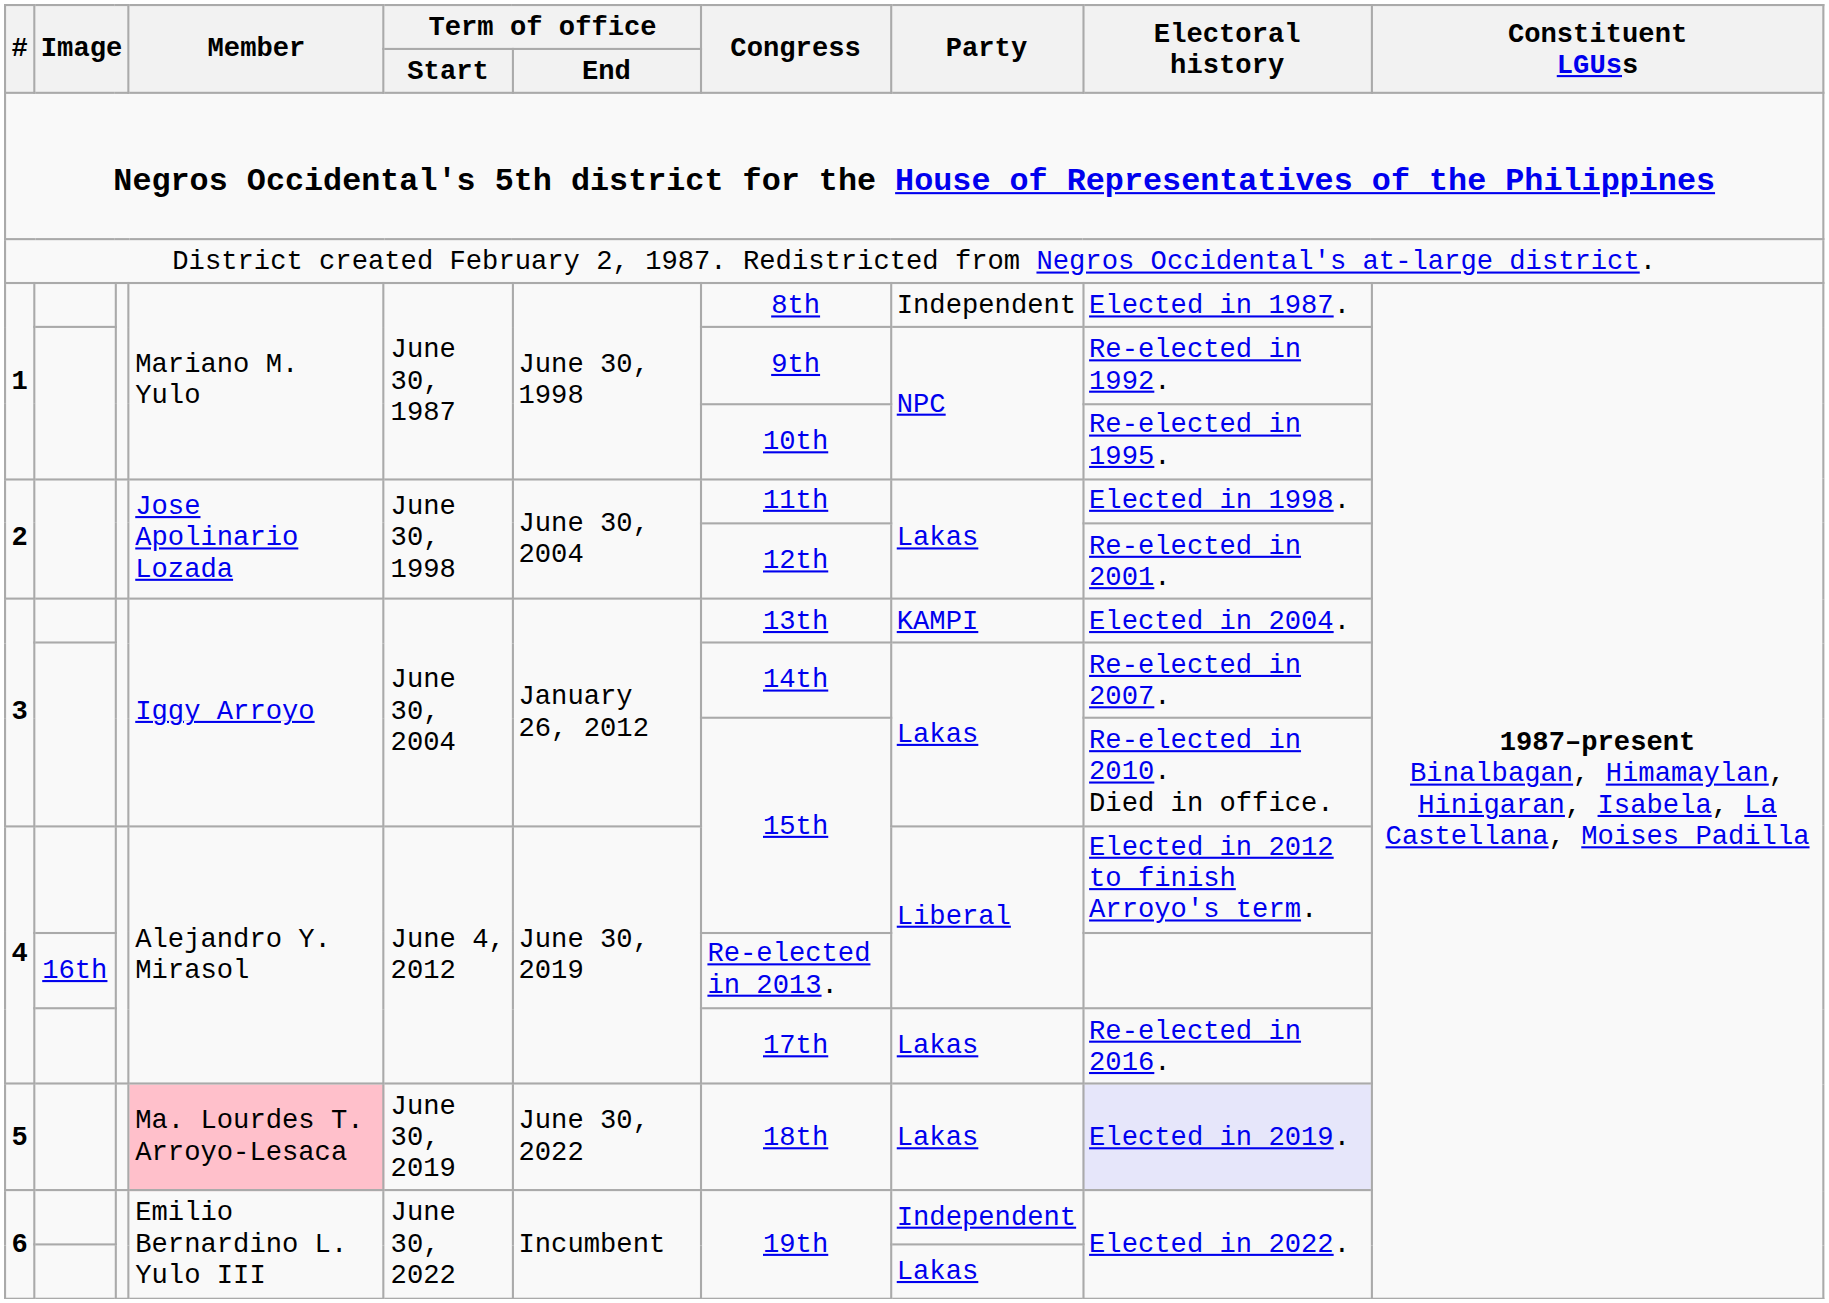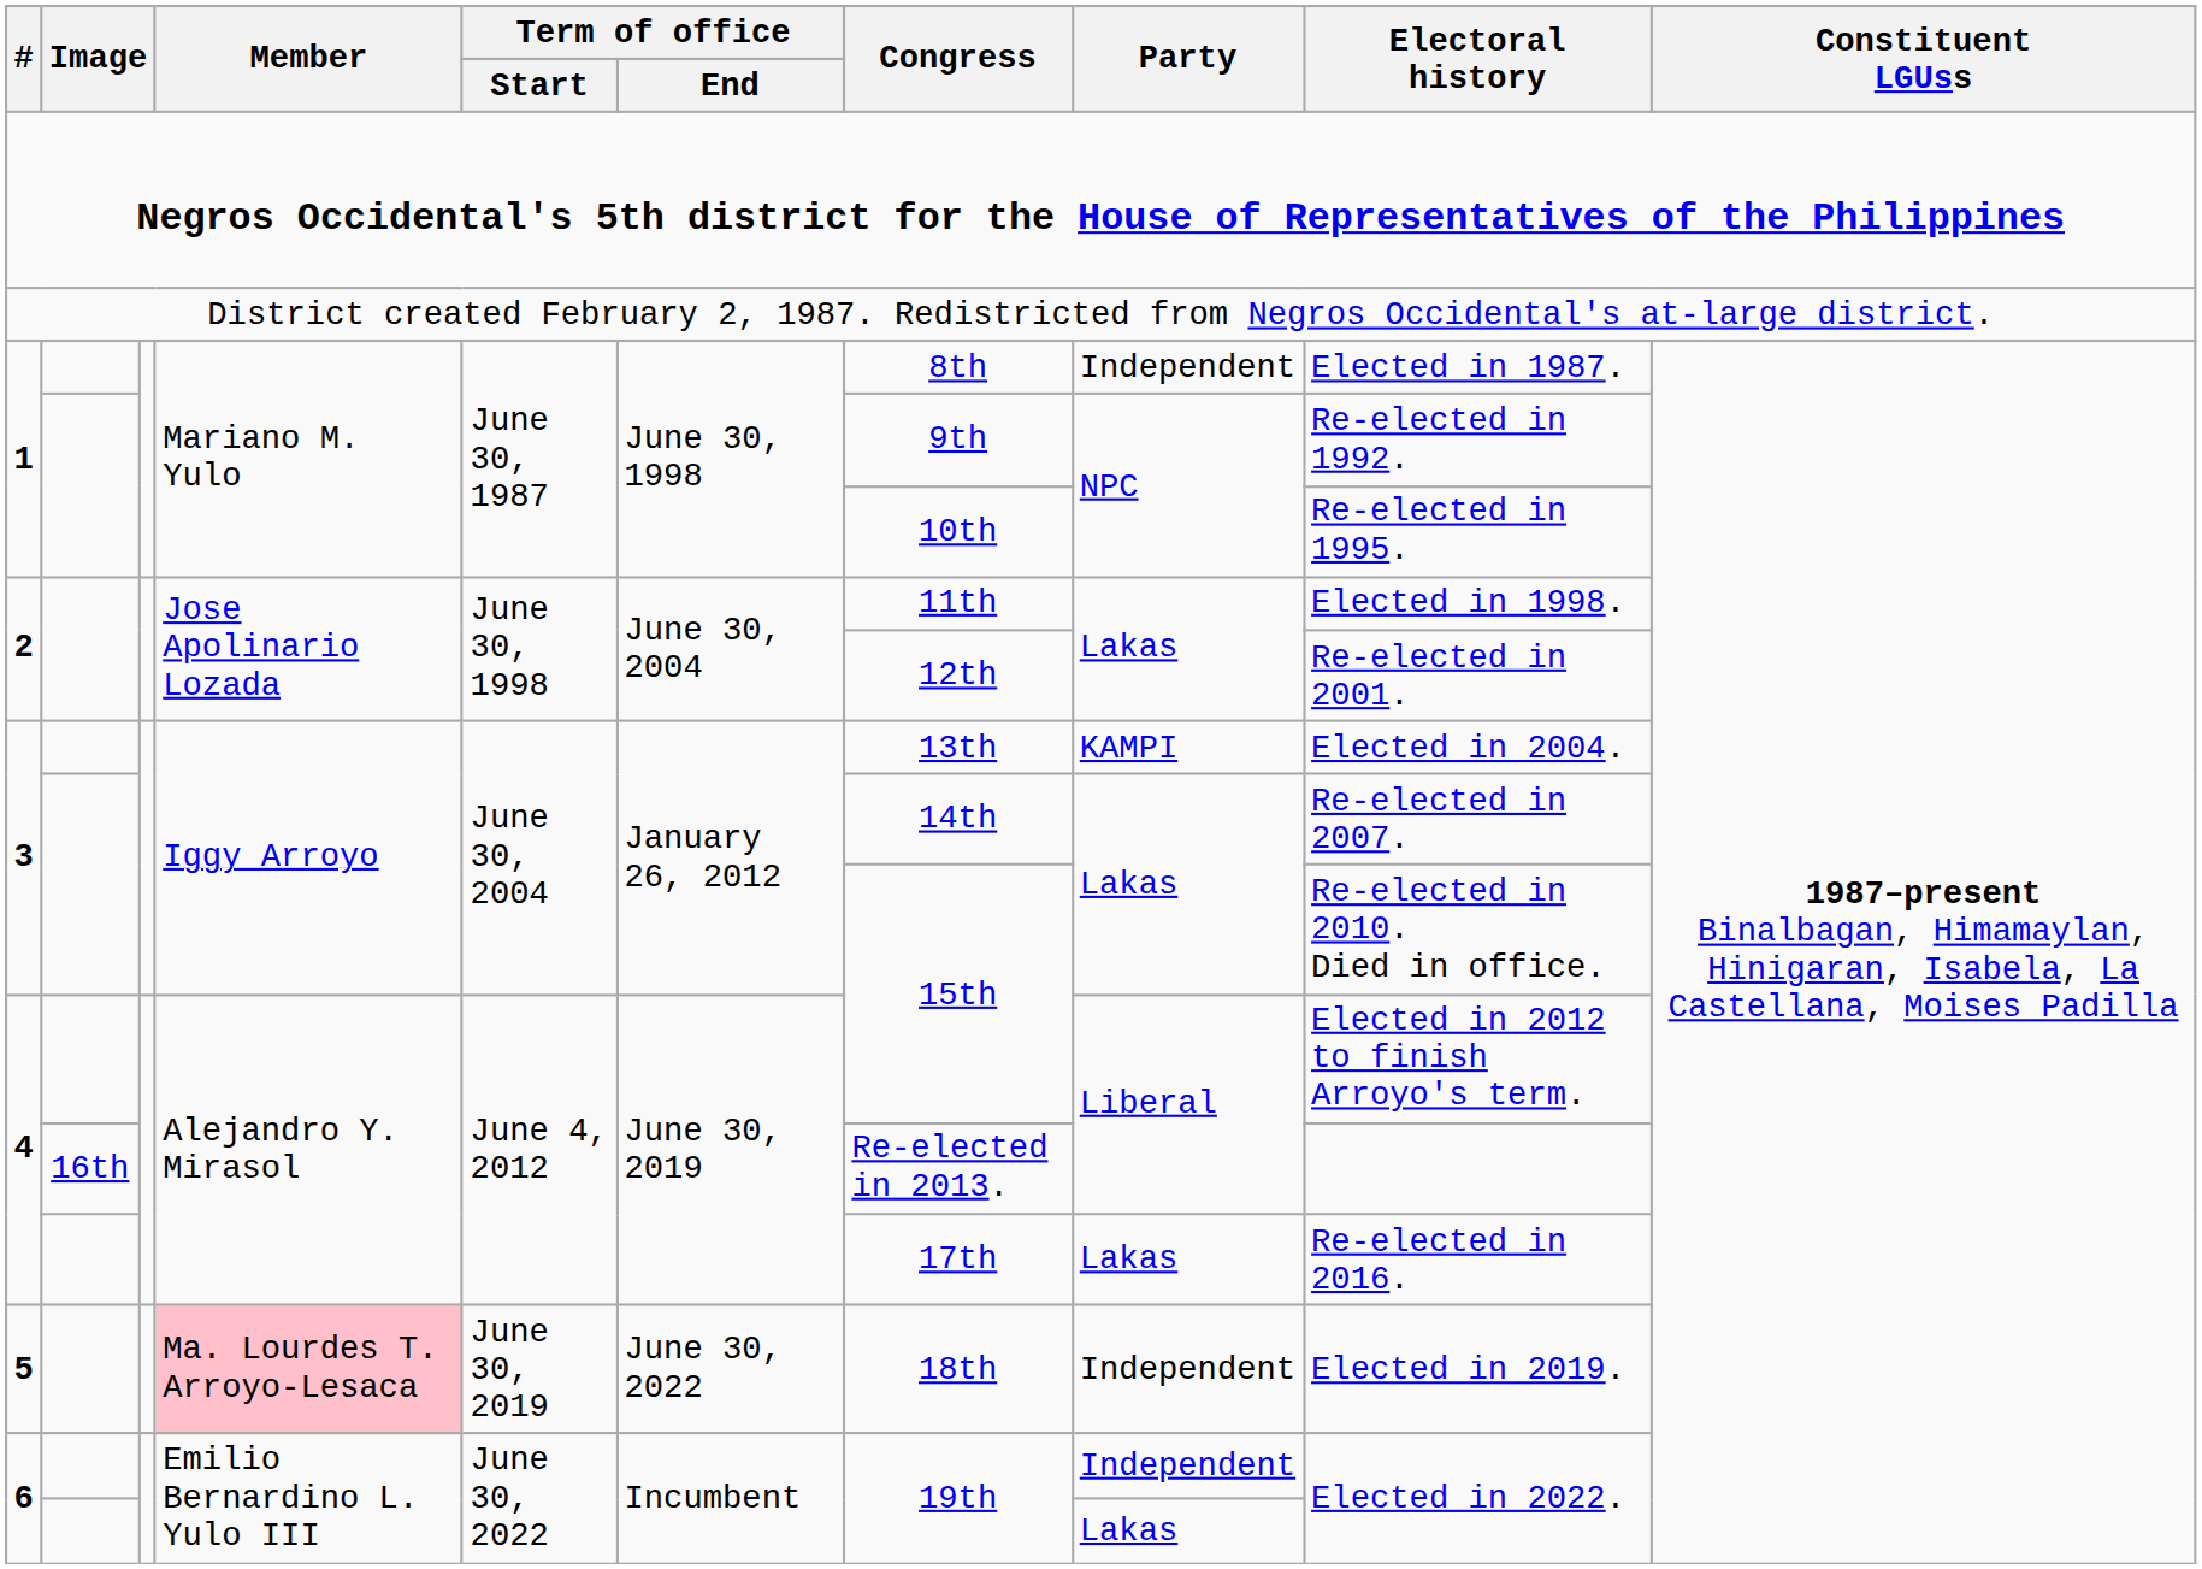 <table class=wikitable>
 <tr>
 <th rowspan="2">#</th>
 <th rowspan="2" colspan=2>Image</th>
 <th rowspan="2">Member</th>
 <th colspan=2>Term of office</th>
 <th rowspan="2">Congress</th>
 <th rowspan="2">Party</th>
 <th rowspan="2">Electoral history</th>
 <th rowspan="2">Constituent<br><a href='#'>LGUs</a>s</th>
 </tr>
 <tr>
 <th>Start</th>
 <th>End</th>
 </tr>
 <tr>
 <td colspan="10" style="text-align:center;"><br><h3>Negros Occidental's 5th district for the <a href='#'>House of Representatives of the Philippines</a></h3></td>
 </tr>
 <tr>
 <td colspan="10" style="text-align:center;">District created February 2, 1987. Redistricted from <a href='#'>Negros Occidental's at-large district</a>.</td>
 </tr>
 <tr>
 <td rowspan="3" style="text-align:center;"><strong>1</strong></td>
 <td style="color:inherit;background:"></td>
 <td rowspan="3"></td>
 <td rowspan="3">Mariano M. Yulo</td>
 <td rowspan="3">June 30, 1987</td>
 <td rowspan="3">June 30, 1998</td>
 <td style="text-align:center;"><a href='#'>8th</a></td>
 <td>Independent</td>
 <td><a href='#'>Elected in 1987</a>.</td>
 <td rowspan=99 style="text-align:center;"><strong>1987–present</strong><br><a href='#'>Binalbagan</a>, <a href='#'>Himamaylan</a>, <a href='#'>Hinigaran</a>, <a href='#'>Isabela</a>, <a href='#'>La Castellana</a>, <a href='#'>Moises Padilla</a></td>
 </tr>
 <tr>
 <td rowspan="2" style="color:inherit;background:"></td>
 <td style="text-align:center;"><a href='#'>9th</a></td>
 <td rowspan="2"><a href='#'>NPC</a></td>
 <td><a href='#'>Re-elected in 1992</a>.</td>
 </tr>
 <tr>
 <td style="text-align:center;"><a href='#'>10th</a></td>
 <td><a href='#'>Re-elected in 1995</a>.</td>
 </tr>
 <tr>
 <td rowspan="2" style="text-align:center;"><strong>2</strong></td>
 <td rowspan="2" style="color:inherit;background:"></td>
 <td rowspan="2"></td>
 <td rowspan="2"><a href='#'>Jose Apolinario Lozada</a></td>
 <td rowspan="2">June 30, 1998</td>
 <td rowspan="2">June 30, 2004</td>
 <td style="text-align:center;"><a href='#'>11th</a></td>
 <td rowspan="2"><a href='#'>Lakas</a></td>
 <td><a href='#'>Elected in 1998</a>.</td>
 </tr>
 <tr>
 <td style="text-align:center;"><a href='#'>12th</a></td>
 <td><a href='#'>Re-elected in 2001</a>.</td>
 </tr>
 <tr>
 <td rowspan="3" style="text-align:center;"><strong>3</strong></td>
 <td style="color:inherit;background:"></td>
 <td rowspan="3"></td>
 <td rowspan="3"><a href='#'>Iggy Arroyo</a></td>
 <td rowspan="3">June 30, 2004</td>
 <td rowspan="3">January 26, 2012</td>
 <td style="text-align:center;"><a href='#'>13th</a></td>
 <td><a href='#'>KAMPI</a></td>
 <td><a href='#'>Elected in 2004</a>.</td>
 </tr>
 <tr>
 <td rowspan="2" style="color:inherit;background:"></td>
 <td style="text-align:center;"><a href='#'>14th</a></td>
 <td rowspan="2"><a href='#'>Lakas</a></td>
 <td><a href='#'>Re-elected in 2007</a>.</td>
 </tr>
 <tr>
 <td rowspan="2" style="text-align:center;"><a href='#'>15th</a></td>
 <td><a href='#'>Re-elected in 2010</a>.<br>Died in office.</td>
 </tr>
 <tr>
 <td rowspan="3" style="text-align:center;"><strong>4</strong></td>
 <td style="color:inherit;background:"></td>
 <td rowspan="3"></td>
 <td rowspan="3">Alejandro Y. Mirasol</td>
 <td rowspan="3">June 4, 2012</td>
 <td rowspan="3">June 30, 2019</td>
 <td rowspan="2"><a href='#'>Liberal</a></td>
 <td><a href='#'>Elected in 2012 to finish Arroyo's term</a>.</td>
 </tr>
 <tr>
 <td style="text-align:center;"><a href='#'>16th</a></td>
 <td><a href='#'>Re-elected in 2013</a>.</td>
 </tr>
 <tr>
 <td style="color:inherit;background:"></td>
 <td style="text-align:center;"><a href='#'>17th</a></td>
 <td><a href='#'>Lakas</a></td>
 <td><a href='#'>Re-elected in 2016</a>.</td>
 </tr>
 <tr>
 <td style="text-align:center;"><strong>5</strong></td>
 <td style="color:inherit;background:"></td>
 <td></td>
 <td style="background: pink;">Ma. Lourdes T. Arroyo-Lesaca</td>
 <td>June 30, 2019</td>
 <td>June 30, 2022</td>
 <td style="text-align:center;"><a href='#'>18th</a></td>
-<td><a href='#'>Lakas</a></td>
-<td style="background: lavender;"><a href='#'>Elected in 2019</a>.</td>
+<td>Independent</td>
+<td><a href='#'>Elected in 2019</a>.</td>
 </tr>
 <tr>
 <td style="text-align:center;" rowspan="2"><strong>6</strong></td>
 <td style="color:inherit;background:"></td>
 <td rowspan="2"></td>
 <td rowspan="2">Emilio Bernardino L. Yulo III</td>
 <td rowspan="2">June 30, 2022</td>
 <td rowspan="2">Incumbent</td>
 <td style="text-align:center;" rowspan="2"><a href='#'>19th</a></td>
 <td><a href='#'>Independent</a></td>
 <td rowspan="2"><a href='#'>Elected in 2022</a>.</td>
 </tr>
 <tr>
 <td style="color:inherit;background:"></td>
 <td><a href='#'>Lakas</a></td>
 </tr>
 </table>
